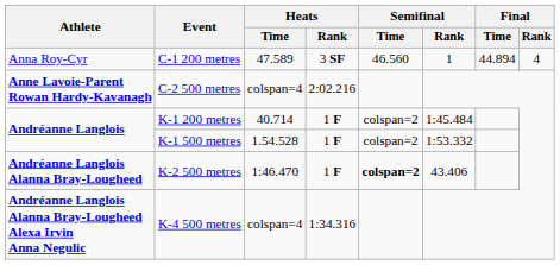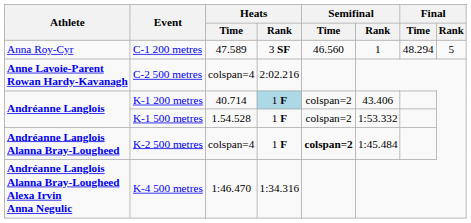 <table class="wikitable" style="font-size:90%">
 <tr>
 <th rowspan=2>Athlete</th>
 <th rowspan=2>Event</th>
 <th colspan="2">Heats</th>
 <th colspan="2">Semifinal</th>
 <th colspan="2">Final</th>
 </tr>
 <tr style="font-size:95%">
 <th>Time</th>
 <th>Rank</th>
 <th>Time</th>
 <th>Rank</th>
 <th>Time</th>
 <th>Rank</th>
 </tr>
 <tr align=center>
 <td align=left><a href='#'>Anna Roy-Cyr</a></td>
 <td align=left><a href='#'>C-1 200 metres</a></td>
 <td>47.589</td>
 <td>3 <strong>SF</strong></td>
 <td>46.560</td>
 <td>1</td>
-<td>44.894</td>
-<td>4</td>
+<td>48.294</td>
+<td>5</td>
 </tr>
 <tr align=center>
 <td align=left><strong><a href='#'>Anne Lavoie-Parent</a><br><a href='#'>Rowan Hardy-Kavanagh</a></strong></td>
 <td align=left><a href='#'>C-2 500 metres</a></td>
 <td>colspan=4 </td>
 <td>2:02.216</td>
 <td></td>
 </tr>
 <tr align=center>
 <td align=left rowspan=2><strong><a href='#'>Andréanne Langlois</a></strong></td>
 <td align=left><a href='#'>K-1 200 metres</a></td>
 <td>40.714</td>
-<td>1 <strong>F</strong></td>
+<td style="background: lightblue;">1 <strong>F</strong></td>
 <td>colspan=2 </td>
-<td>1:45.484</td>
+<td>43.406</td>
 <td></td>
 </tr>
 <tr align=center>
 <td align=left><a href='#'>K-1 500 metres</a></td>
 <td>1.54.528</td>
 <td>1 <strong>F</strong></td>
 <td>colspan=2 </td>
 <td>1:53.332</td>
 <td></td>
 </tr>
 <tr align=center>
 <td align=left><strong><a href='#'>Andréanne Langlois</a><br><a href='#'>Alanna Bray-Lougheed</a></strong></td>
 <td align=left><a href='#'>K-2 500 metres</a></td>
-<td>1:46.470</td>
+<td>colspan=4 </td>
 <td>1 <strong>F</strong></td>
 <td><strong>colspan=2 </strong></td>
-<td>43.406</td>
+<td>1:45.484</td>
 <td></td>
 </tr>
 <tr align=center>
 <td align=left><strong><a href='#'>Andréanne Langlois</a><br><a href='#'>Alanna Bray-Lougheed</a><br><a href='#'>Alexa Irvin</a><br><a href='#'>Anna Negulic</a></strong></td>
 <td align=left><a href='#'>K-4 500 metres</a></td>
-<td>colspan=4 </td>
+<td>1:46.470</td>
 <td>1:34.316</td>
 <td></td>
 </tr>
 </table>
